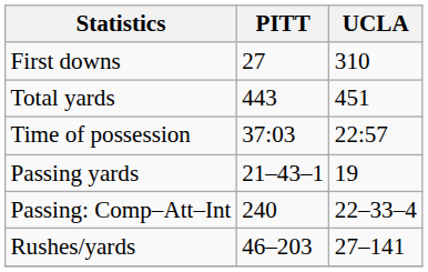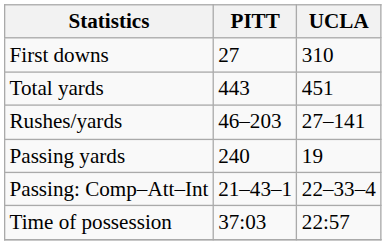 <table class="wikitable" style="float: left;">
 <tr>
 <th>Statistics</th>
 <th>PITT</th>
 <th>UCLA</th>
 </tr>
 <tr>
 <td>First downs</td>
 <td>27</td>
 <td>310</td>
 </tr>
 <tr>
 <td>Total yards</td>
 <td>443</td>
 <td>451</td>
 </tr>
 <tr>
+<td>Rushes/yards</td>
+<td>46–203</td>
+<td>27–141</td>
+</tr>
+<tr>
+<td>Passing yards</td>
+<td>240</td>
+<td>19</td>
+</tr>
+<tr>
+<td>Passing: Comp–Att–Int</td>
+<td>21–43–1</td>
+<td>22–33–4</td>
+</tr>
+<tr>
 <td>Time of possession</td>
 <td>37:03</td>
 <td>22:57</td>
 </tr>
 <tr>
-<td>Passing yards</td>
-<td>21–43–1</td>
-<td>19</td>
-</tr>
-<tr>
-<td>Passing: Comp–Att–Int</td>
-<td>240</td>
-<td>22–33–4</td>
-</tr>
-<tr>
-<td>Rushes/yards</td>
-<td>46–203</td>
-<td>27–141</td>
-</tr>
-<tr>
 </tr>
 </table>
